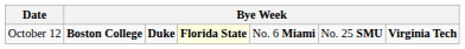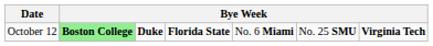 <table class="wikitable" style="font-size:95%;">
 <tr>
 <th>Date</th>
 <th colspan="6">Bye Week</th>
 </tr>
 <tr>
 <td>October 12</td>
-<td><strong>Boston College</strong></td>
+<td style="background: lightgreen;"><strong>Boston College</strong></td>
 <td><strong>Duke</strong></td>
-<td style="background: lightyellow;"><strong>Florida State</strong></td>
+<td><strong>Florida State</strong></td>
 <td>No. 6 <strong>Miami</strong></td>
 <td>No. 25 <strong>SMU</strong></td>
 <td><strong>Virginia Tech</strong></td>
 </tr>
 </table>
